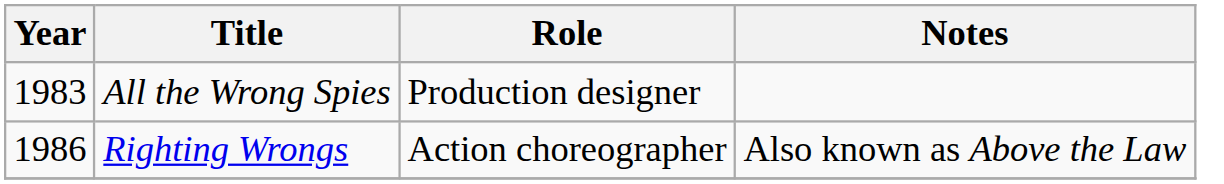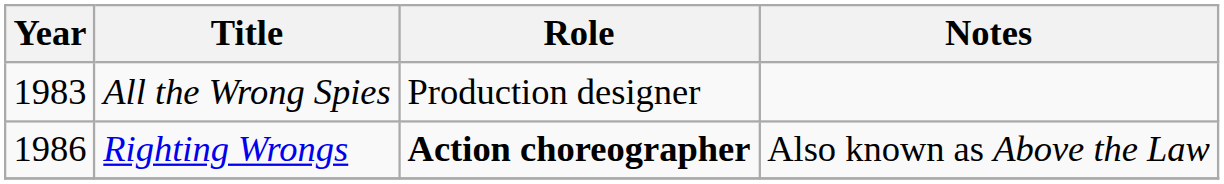 <table class="wikitable">
 <tr>
 <th>Year</th>
 <th>Title</th>
 <th>Role</th>
 <th>Notes</th>
 </tr>
 <tr>
 <td>1983</td>
 <td><em>All the Wrong Spies</em></td>
 <td>Production designer</td>
 <td></td>
 </tr>
 <tr>
 <td>1986</td>
 <td><em><a href='#'>Righting Wrongs</a></em></td>
-<td>Action choreographer</td>
+<td><strong>Action choreographer</strong></td>
 <td>Also known as <em>Above the Law</em></td>
 </tr>
 <tr>
 </tr>
 </table>
